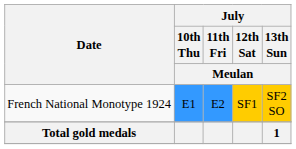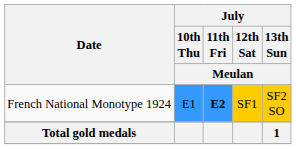 <table class="wikitable" style="margin:0.5em auto; font-size:90%; line-height:1.25em;">
 <tr>
 <th rowspan=3>Date</th>
 <th colspan=4>July</th>
 </tr>
 <tr>
 <th>10th<br>Thu</th>
 <th>11th<br>Fri</th>
 <th>12th<br>Sat</th>
 <th>13th<br>Sun</th>
 </tr>
 <tr>
 <th colspan=4>Meulan</th>
 </tr>
 <tr align="center">
 <td align="left">French National Monotype 1924</td>
 <td bgcolor=#3399ff><span>E1</span></td>
-<td bgcolor=#3399ff><span>E2</span></td>
+<td bgcolor=#3399ff><strong><span>E2</span></strong></td>
 <td bgcolor=#ffcc00><span>SF1</span></td>
 <td bgcolor=#ffcc00><span>SF2<br>SO</span></td>
 </tr>
 <tr align="center">
 </tr>
 <tr>
 <th>Total gold medals</th>
 <th></th>
 <th></th>
 <th></th>
 <th>1</th>
 </tr>
 <tr>
 </tr>
 </table>
